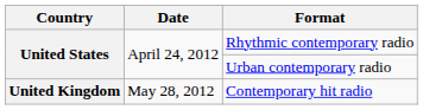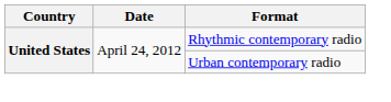 <table class="wikitable plainrowheaders">
 <tr>
 <th scope="col">Country</th>
 <th scope="col">Date</th>
 <th scope="col">Format</th>
 </tr>
 <tr>
 <th scope="row" rowspan="2">United States</th>
 <td rowspan="2">April 24, 2012</td>
 <td><a href='#'>Rhythmic contemporary</a> radio</td>
 </tr>
 <tr>
 <td><a href='#'>Urban contemporary</a> radio</td>
 </tr>
-<tr>
-<th scope="row">United Kingdom</th>
-<td>May 28, 2012</td>
-<td><a href='#'>Contemporary hit radio</a></td>
-</tr>
 </table>
